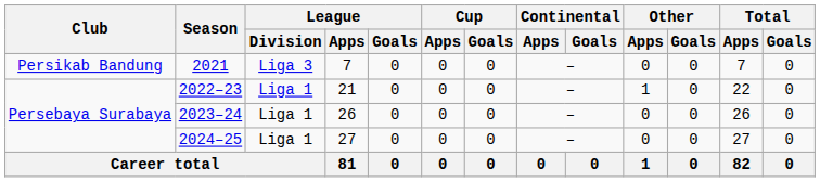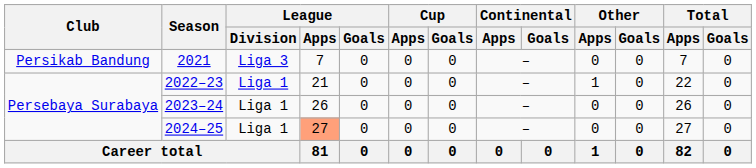 <table class="wikitable" style="text-align: center">
 <tr>
 <th rowspan="2">Club</th>
 <th rowspan="2">Season</th>
 <th colspan="3">League</th>
 <th colspan="2">Cup</th>
 <th colspan="2">Continental</th>
 <th colspan="2">Other</th>
 <th colspan="2">Total</th>
 </tr>
 <tr>
 <th>Division</th>
 <th>Apps</th>
 <th>Goals</th>
 <th>Apps</th>
 <th>Goals</th>
 <th>Apps</th>
 <th>Goals</th>
 <th>Apps</th>
 <th>Goals</th>
 <th>Apps</th>
 <th>Goals</th>
 </tr>
 <tr>
 <td rowspan="1"><a href='#'>Persikab Bandung</a></td>
 <td><a href='#'>2021</a></td>
 <td rowspan="1" valign="center"><a href='#'>Liga 3</a></td>
 <td>7</td>
 <td>0</td>
 <td>0</td>
 <td>0</td>
 <td colspan="2">–</td>
 <td>0</td>
 <td>0</td>
 <td>7</td>
 <td>0</td>
 </tr>
 <tr>
 <td rowspan="3"><a href='#'>Persebaya Surabaya</a></td>
 <td><a href='#'>2022–23</a></td>
 <td rowspan="1" valign="center"><a href='#'>Liga 1</a></td>
 <td>21</td>
 <td>0</td>
 <td>0</td>
 <td>0</td>
 <td colspan="2">–</td>
 <td>1</td>
 <td>0</td>
 <td>22</td>
 <td>0</td>
 </tr>
 <tr>
 <td><a href='#'>2023–24</a></td>
 <td rowspan="1" valign="center">Liga 1</td>
 <td>26</td>
 <td>0</td>
 <td>0</td>
 <td>0</td>
 <td colspan="2">–</td>
 <td>0</td>
 <td>0</td>
 <td>26</td>
 <td>0</td>
 </tr>
 <tr>
 <td><a href='#'>2024–25</a></td>
 <td>Liga 1</td>
-<td>27</td>
+<td style="background: lightsalmon;">27</td>
 <td>0</td>
 <td>0</td>
 <td>0</td>
 <td colspan="2">–</td>
 <td>0</td>
 <td>0</td>
 <td>27</td>
 <td>0</td>
 </tr>
 <tr>
 <th colspan=3>Career total</th>
 <th>81</th>
 <th>0</th>
 <th>0</th>
 <th>0</th>
 <th>0</th>
 <th>0</th>
 <th>1</th>
 <th>0</th>
 <th>82</th>
 <th>0</th>
 </tr>
 </table>
